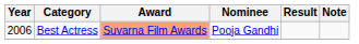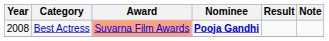 <table class="wikitable">
 <tr style="background:#B0C4DE;">
 <th scope="col">Year</th>
 <th scope="col">Category</th>
 <th scope="col">Award</th>
 <th scope="col">Nominee</th>
 <th scope="col">Result</th>
 <th scope="col">Note</th>
 </tr>
 <tr>
-<td>2006</td>
+<td>2008</td>
 <td><a href='#'>Best Actress</a></td>
 <td style="background: lightsalmon;"><a href='#'>Suvarna Film Awards</a></td>
-<td><a href='#'>Pooja Gandhi</a></td>
+<td><strong><a href='#'>Pooja Gandhi</a></strong></td>
 <td></td>
 <td></td>
 </tr>
 <tr>
 </tr>
 </table>
